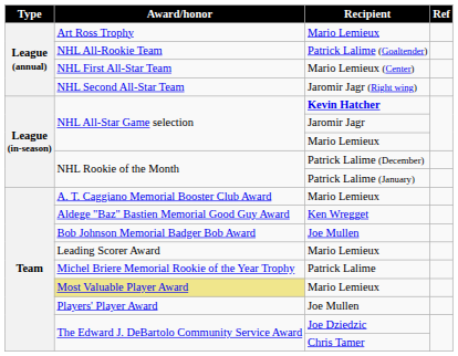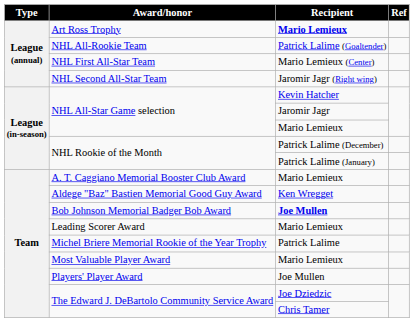 <table class="wikitable">
 <tr>
 <th style="color:white; background:#000000; ">Type</th>
 <th style="color:white; background:#000000; ">Award/honor</th>
 <th style="color:white; background:#000000; ">Recipient</th>
 <th style="color:white; background:#000000; ">Ref</th>
 </tr>
 <tr>
 <th scope="row" rowspan="4">League<br><small>(annual)</small></th>
 <td><a href='#'>Art Ross Trophy</a></td>
-<td><a href='#'>Mario Lemieux</a></td>
+<td><strong><a href='#'>Mario Lemieux</a></strong></td>
 <td></td>
 </tr>
 <tr>
 <td><a href='#'>NHL All-Rookie Team</a></td>
 <td><a href='#'>Patrick Lalime</a> <small>(<a href='#'>Goaltender</a>)</small></td>
 <td></td>
 </tr>
 <tr>
 <td><a href='#'>NHL First All-Star Team</a></td>
 <td>Mario Lemieux <small>(<a href='#'>Center</a>)</small></td>
 <td></td>
 </tr>
 <tr>
 <td><a href='#'>NHL Second All-Star Team</a></td>
 <td>Jaromir Jagr <small>(<a href='#'>Right wing</a>)</small></td>
 <td></td>
 </tr>
 <tr>
 <th scope="row" rowspan="5">League<br><small>(in-season)</small></th>
 <td rowspan="3"><a href='#'>NHL All-Star Game</a> selection</td>
-<td><strong><a href='#'>Kevin Hatcher</a></strong></td>
+<td><a href='#'>Kevin Hatcher</a></td>
 <td rowspan="3"></td>
 </tr>
 <tr>
 <td>Jaromir Jagr</td>
 </tr>
 <tr>
 <td>Mario Lemieux</td>
 </tr>
 <tr>
 <td rowspan="2">NHL Rookie of the Month</td>
 <td>Patrick Lalime <small>(December)</small></td>
 <td></td>
 </tr>
 <tr>
 <td>Patrick Lalime <small>(January)</small></td>
 <td></td>
 </tr>
 <tr>
 <th scope="row" rowspan="9">Team</th>
 <td><a href='#'>A. T. Caggiano Memorial Booster Club Award</a></td>
 <td>Mario Lemieux</td>
 <td></td>
 </tr>
 <tr>
 <td><a href='#'>Aldege "Baz" Bastien Memorial Good Guy Award</a></td>
 <td><a href='#'>Ken Wregget</a></td>
 <td></td>
 </tr>
 <tr>
 <td><a href='#'>Bob Johnson Memorial Badger Bob Award</a></td>
-<td><a href='#'>Joe Mullen</a></td>
+<td><strong><a href='#'>Joe Mullen</a></strong></td>
 <td></td>
 </tr>
 <tr>
 <td>Leading Scorer Award</td>
 <td>Mario Lemieux</td>
 <td></td>
 </tr>
 <tr>
 <td><a href='#'>Michel Briere Memorial Rookie of the Year Trophy</a></td>
 <td>Patrick Lalime</td>
 <td></td>
 </tr>
 <tr>
-<td style="background: khaki;"><a href='#'>Most Valuable Player Award</a></td>
+<td><a href='#'>Most Valuable Player Award</a></td>
 <td>Mario Lemieux</td>
 <td></td>
 </tr>
 <tr>
 <td><a href='#'>Players' Player Award</a></td>
 <td>Joe Mullen</td>
 <td></td>
 </tr>
 <tr>
 <td rowspan=2><a href='#'>The Edward J. DeBartolo Community Service Award</a></td>
 <td><a href='#'>Joe Dziedzic</a></td>
 <td rowspan=2></td>
 </tr>
 <tr>
 <td><a href='#'>Chris Tamer</a></td>
 </tr>
 </table>
